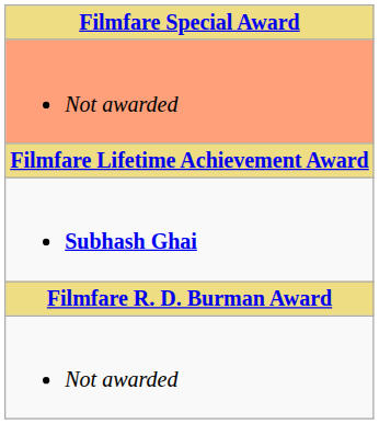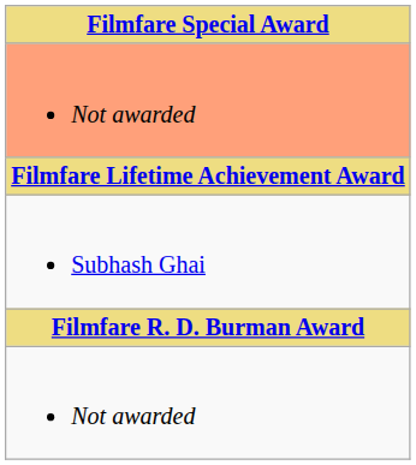 <table class="wikitable">
 <tr>
 <th style="background:#EEDD82;" colspan="2"><a href='#'>Filmfare Special Award</a></th>
 </tr>
 <tr>
 <td style="background: lightsalmon;"><br><ul><li><em>Not awarded</em></li></ul></td>
 </tr>
 <tr>
 <th style="background:#EEDD82;"><a href='#'>Filmfare Lifetime Achievement Award</a></th>
 </tr>
 <tr>
-<td><strong><br><ul><li><a href='#'>Subhash Ghai</a></li></ul></strong></td>
+<td><br><ul><li><a href='#'>Subhash Ghai</a></li></ul></td>
 </tr>
 <tr>
 <th style="background:#EEDD82;"><a href='#'>Filmfare R. D. Burman Award</a></th>
 </tr>
 <tr>
 <td><br><ul><li><em>Not awarded</em></li></ul></td>
 </tr>
 </table>
